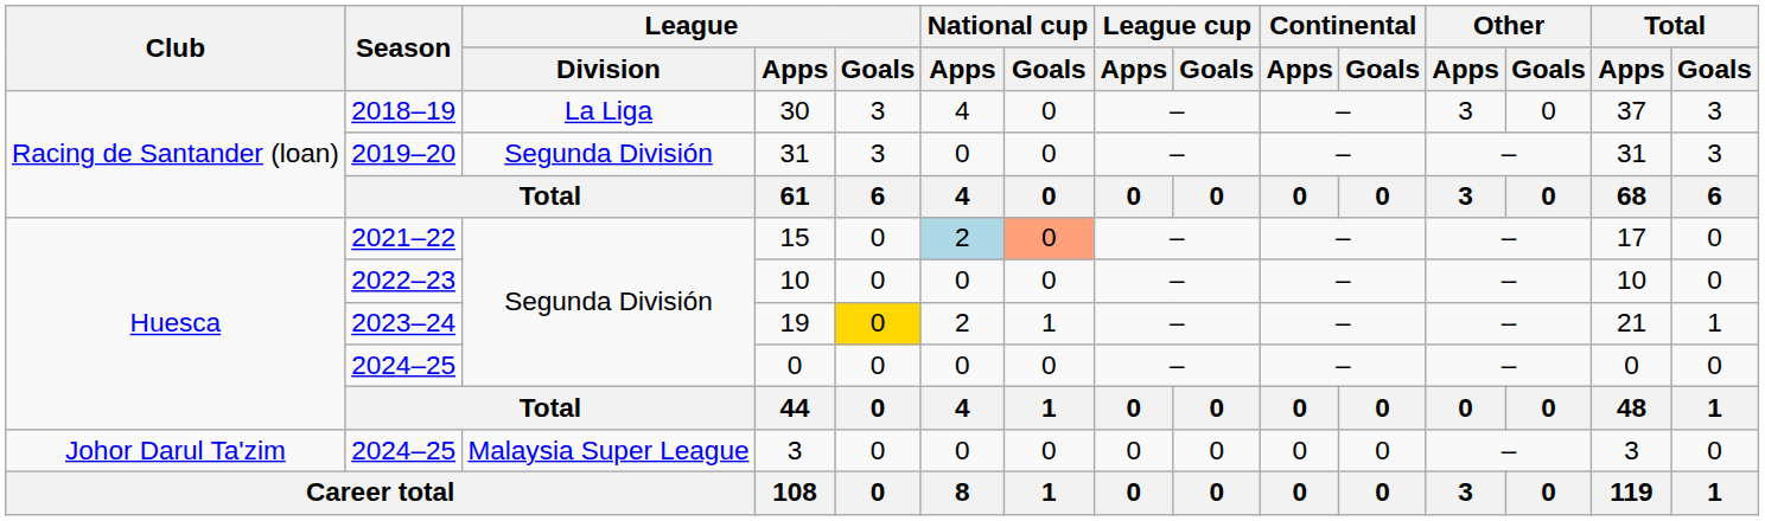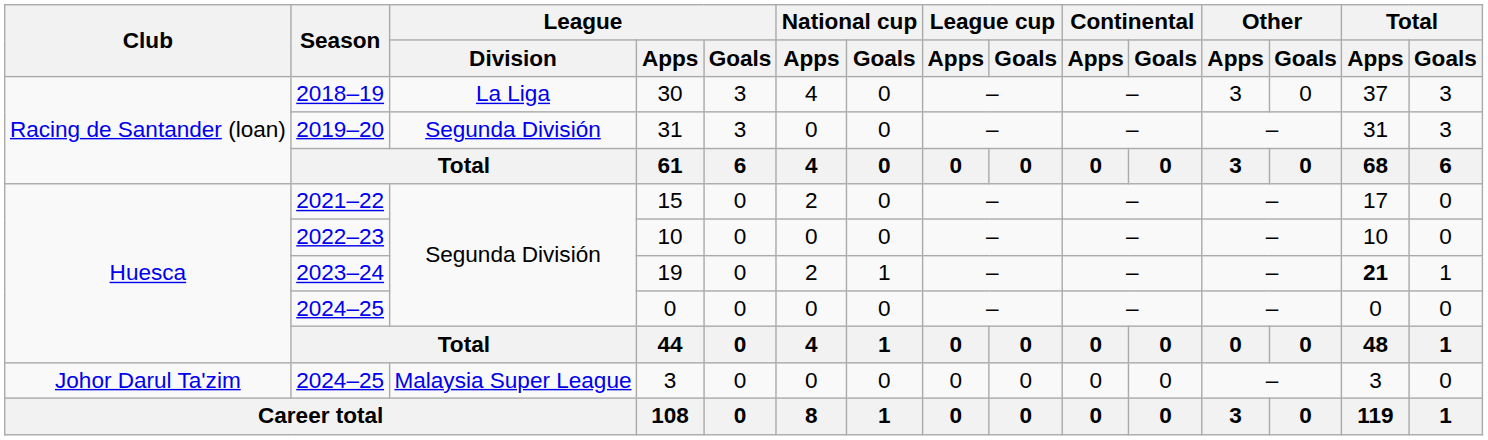 <table class="wikitable" style="text-align:center">
 <tr>
 <th rowspan="2">Club</th>
 <th rowspan="2">Season</th>
 <th colspan="3">League</th>
 <th colspan="2">National cup</th>
 <th colspan="2">League cup</th>
 <th colspan="2">Continental</th>
 <th colspan="2">Other</th>
 <th colspan="2">Total</th>
 </tr>
 <tr>
 <th>Division</th>
 <th>Apps</th>
 <th>Goals</th>
 <th>Apps</th>
 <th>Goals</th>
 <th>Apps</th>
 <th>Goals</th>
 <th>Apps</th>
 <th>Goals</th>
 <th>Apps</th>
 <th>Goals</th>
 <th>Apps</th>
 <th>Goals</th>
 </tr>
 <tr>
 <td rowspan="3"><a href='#'>Racing de Santander</a> (loan)</td>
 <td><a href='#'>2018–19</a></td>
 <td><a href='#'>La Liga</a></td>
 <td>30</td>
 <td>3</td>
 <td>4</td>
 <td>0</td>
 <td colspan="2">–</td>
 <td colspan="2">–</td>
 <td>3</td>
 <td>0</td>
 <td>37</td>
 <td>3</td>
 </tr>
 <tr>
 <td><a href='#'>2019–20</a></td>
 <td><a href='#'>Segunda División</a></td>
 <td>31</td>
 <td>3</td>
 <td>0</td>
 <td>0</td>
 <td colspan="2">–</td>
 <td colspan="2">–</td>
 <td colspan="2">–</td>
 <td>31</td>
 <td>3</td>
 </tr>
 <tr>
 <th colspan="2">Total</th>
 <th>61</th>
 <th>6</th>
 <th>4</th>
 <th>0</th>
 <th>0</th>
 <th>0</th>
 <th>0</th>
 <th>0</th>
 <th>3</th>
 <th>0</th>
 <th>68</th>
 <th>6</th>
 </tr>
 <tr>
 <td rowspan="5"><a href='#'>Huesca</a></td>
 <td><a href='#'>2021–22</a></td>
 <td rowspan="4">Segunda División</td>
 <td>15</td>
 <td>0</td>
-<td style="background: lightblue;">2</td>
-<td style="background: lightsalmon;">0</td>
+<td>2</td>
+<td>0</td>
 <td colspan="2">–</td>
 <td colspan="2">–</td>
 <td colspan="2">–</td>
 <td>17</td>
 <td>0</td>
 </tr>
 <tr>
 <td><a href='#'>2022–23</a></td>
 <td>10</td>
 <td>0</td>
 <td>0</td>
 <td>0</td>
 <td colspan="2">–</td>
 <td colspan="2">–</td>
 <td colspan="2">–</td>
 <td>10</td>
 <td>0</td>
 </tr>
 <tr>
 <td><a href='#'>2023–24</a></td>
 <td>19</td>
-<td style="background: gold;">0</td>
+<td>0</td>
 <td>2</td>
 <td>1</td>
 <td colspan="2">–</td>
 <td colspan="2">–</td>
 <td colspan="2">–</td>
-<td>21</td>
+<td><strong>21</strong></td>
 <td>1</td>
 </tr>
 <tr>
 <td><a href='#'>2024–25</a></td>
 <td>0</td>
 <td>0</td>
 <td>0</td>
 <td>0</td>
 <td colspan="2">–</td>
 <td colspan="2">–</td>
 <td colspan="2">–</td>
 <td>0</td>
 <td>0</td>
 </tr>
 <tr>
 <th colspan="2">Total</th>
 <th>44</th>
 <th>0</th>
 <th>4</th>
 <th>1</th>
 <th>0</th>
 <th>0</th>
 <th>0</th>
 <th>0</th>
 <th>0</th>
 <th>0</th>
 <th>48</th>
 <th>1</th>
 </tr>
 <tr>
 <td><a href='#'>Johor Darul Ta'zim</a></td>
 <td><a href='#'>2024–25</a></td>
 <td><a href='#'>Malaysia Super League</a></td>
 <td>3</td>
 <td>0</td>
 <td>0</td>
 <td>0</td>
 <td>0</td>
 <td>0</td>
 <td>0</td>
 <td>0</td>
 <td colspan="2">–</td>
 <td>3</td>
 <td>0</td>
 </tr>
 <tr>
 <th colspan="3">Career total</th>
 <th>108</th>
 <th>0</th>
 <th>8</th>
 <th>1</th>
 <th>0</th>
 <th>0</th>
 <th>0</th>
 <th>0</th>
 <th>3</th>
 <th>0</th>
 <th>119</th>
 <th>1</th>
 </tr>
 </table>
